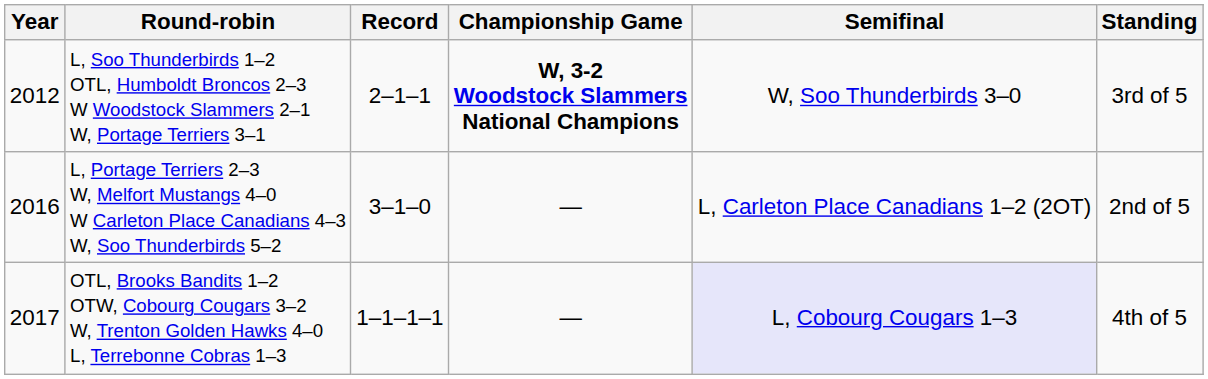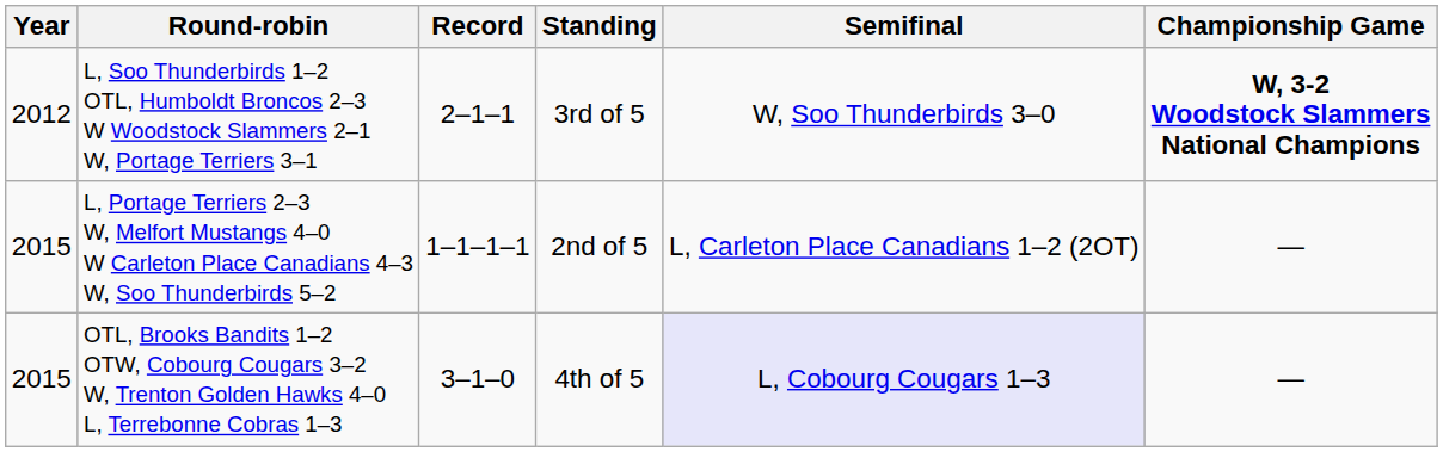 <table class="wikitable" style="text-align:center">
 <tr>
 <th>Year</th>
 <th>Round-robin</th>
 <th>Record</th>
+<th>Standing</th>
+<th>Semifinal</th>
 <th>Championship Game</th>
-<th>Semifinal</th>
-<th>Standing</th>
 </tr>
 <tr>
 <td>2012</td>
 <td align=left><small>L, <a href='#'>Soo Thunderbirds</a> 1–2<br>OTL, <a href='#'>Humboldt Broncos</a> 2–3<br>W <a href='#'>Woodstock Slammers</a> 2–1<br>W, <a href='#'>Portage Terriers</a> 3–1</small></td>
 <td>2–1–1</td>
+<td>3rd of 5</td>
+<td>W, <a href='#'>Soo Thunderbirds</a> 3–0</td>
 <td><strong>W, 3-2 <br><a href='#'>Woodstock Slammers</a><br>National Champions</strong></td>
-<td>W, <a href='#'>Soo Thunderbirds</a> 3–0</td>
-<td>3rd of 5</td>
 </tr>
 <tr>
-<td>2016</td>
+<td>2015</td>
 <td align=left><small>L, <a href='#'>Portage Terriers</a> 2–3<br>W, <a href='#'>Melfort Mustangs</a> 4–0<br>W <a href='#'>Carleton Place Canadians</a> 4–3<br>W, <a href='#'>Soo Thunderbirds</a> 5–2</small></td>
-<td>3–1–0</td>
+<td>1–1–1–1</td>
+<td>2nd of 5</td>
+<td>L, <a href='#'>Carleton Place Canadians</a> 1–2 (2OT)</td>
 <td>—</td>
-<td>L, <a href='#'>Carleton Place Canadians</a> 1–2 (2OT)</td>
-<td>2nd of 5</td>
 </tr>
 <tr>
-<td>2017</td>
+<td>2015</td>
 <td align=left><small>OTL, <a href='#'>Brooks Bandits</a> 1–2<br>OTW, <a href='#'>Cobourg Cougars</a> 3–2<br>W, <a href='#'>Trenton Golden Hawks</a> 4–0<br>L, <a href='#'>Terrebonne Cobras</a> 1–3</small></td>
-<td>1–1–1–1</td>
+<td>3–1–0</td>
+<td>4th of 5</td>
+<td style="background: lavender;">L, <a href='#'>Cobourg Cougars</a> 1–3</td>
 <td>—</td>
-<td style="background: lavender;">L, <a href='#'>Cobourg Cougars</a> 1–3</td>
-<td>4th of 5</td>
 </tr>
 </table>
